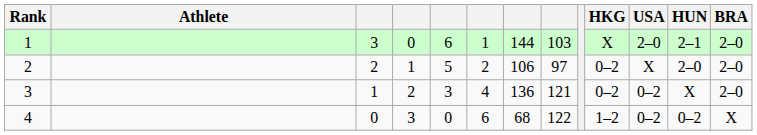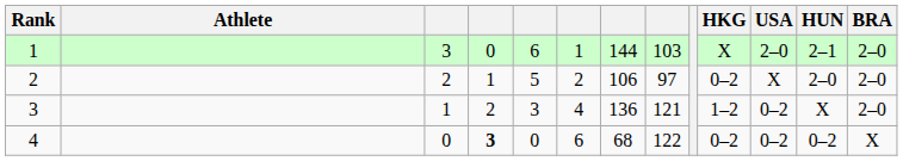 <table class="wikitable" style="text-align:center">
 <tr>
 <th width=40>Rank</th>
 <th width=300>Athlete</th>
 <th width=30></th>
 <th width=30></th>
 <th width=30></th>
 <th width=30></th>
 <th width=30></th>
 <th width=30></th>
 <th rowspan=5></th>
 <th width=30>HKG</th>
 <th width=30>USA</th>
 <th width=30>HUN</th>
 <th width=30>BRA</th>
 </tr>
 <tr style="background-color:#ccffcc;">
 <td>1</td>
 <td align=left></td>
 <td>3</td>
 <td>0</td>
 <td>6</td>
 <td>1</td>
 <td>144</td>
 <td>103</td>
 <td>X</td>
 <td>2–0</td>
 <td>2–1</td>
 <td>2–0</td>
 </tr>
 <tr>
 <td>2</td>
 <td align=left></td>
 <td>2</td>
 <td>1</td>
 <td>5</td>
 <td>2</td>
 <td>106</td>
 <td>97</td>
 <td>0–2</td>
 <td>X</td>
 <td>2–0</td>
 <td>2–0</td>
 </tr>
 <tr>
 <td>3</td>
 <td align=left></td>
 <td>1</td>
 <td>2</td>
 <td>3</td>
 <td>4</td>
 <td>136</td>
 <td>121</td>
-<td>0–2</td>
+<td>1–2</td>
 <td>0–2</td>
 <td>X</td>
 <td>2–0</td>
 </tr>
 <tr>
 <td>4</td>
 <td align=left></td>
 <td>0</td>
-<td>3</td>
+<td><strong>3</strong></td>
 <td>0</td>
 <td>6</td>
 <td>68</td>
 <td>122</td>
-<td>1–2</td>
+<td>0–2</td>
 <td>0–2</td>
 <td>0–2</td>
 <td>X</td>
 </tr>
 </table>
